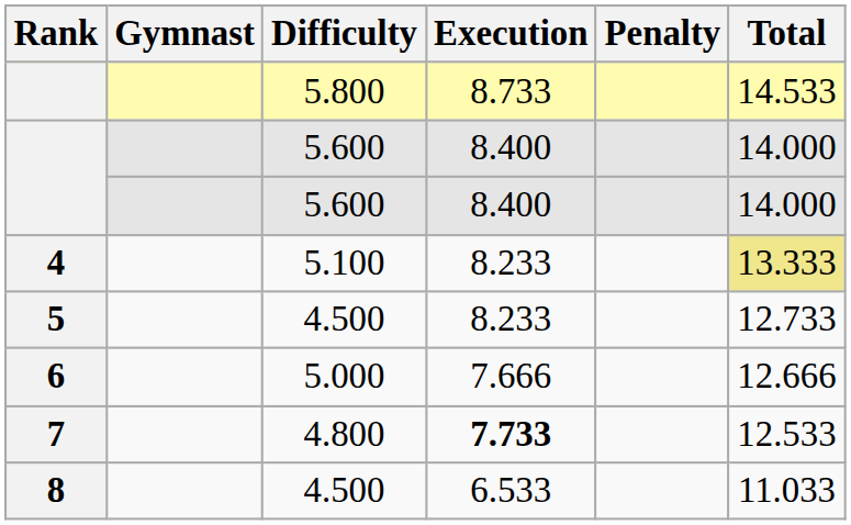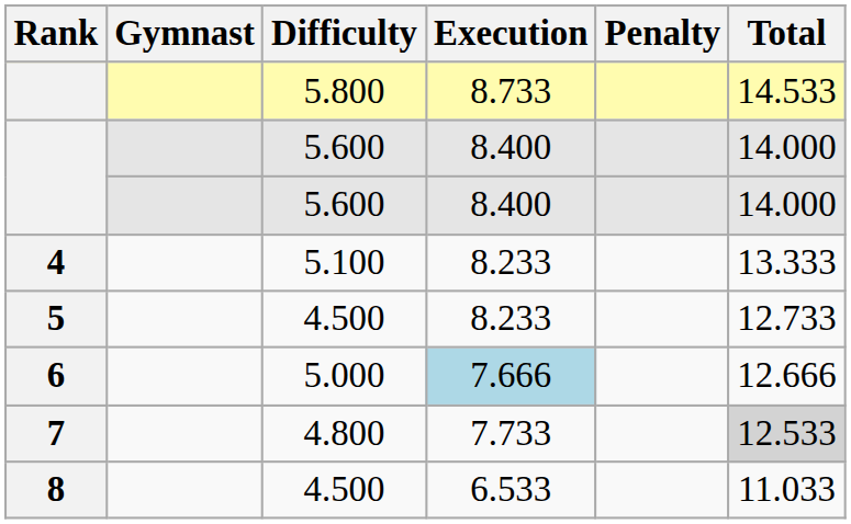 <table class="wikitable sortable" style="text-align:center">
 <tr>
 <th>Rank</th>
 <th>Gymnast</th>
 <th>Difficulty</th>
 <th>Execution</th>
 <th>Penalty</th>
 <th>Total</th>
 </tr>
 <tr bgcolor=fffcaf>
 <th scope=row></th>
 <td align="left"></td>
 <td>5.800</td>
 <td>8.733</td>
 <td></td>
 <td>14.533</td>
 </tr>
 <tr bgcolor=e5e5e5>
 <th rowspan=2></th>
 <td align="left"></td>
 <td>5.600</td>
 <td>8.400</td>
 <td></td>
 <td>14.000</td>
 </tr>
 <tr bgcolor=e5e5e5>
 <td align=left></td>
 <td>5.600</td>
 <td>8.400</td>
 <td></td>
 <td>14.000</td>
 </tr>
 <tr>
 <th scope=row>4</th>
 <td align=left></td>
 <td>5.100</td>
 <td>8.233</td>
 <td></td>
-<td style="background: khaki;">13.333</td>
+<td>13.333</td>
 </tr>
 <tr>
 <th scope=row>5</th>
 <td align=left></td>
 <td>4.500</td>
 <td>8.233</td>
 <td></td>
 <td>12.733</td>
 </tr>
 <tr>
 <th scope=row>6</th>
 <td align=left></td>
 <td>5.000</td>
-<td>7.666</td>
+<td style="background: lightblue;">7.666</td>
 <td></td>
 <td>12.666</td>
 </tr>
 <tr>
 <th scope=row>7</th>
 <td align=left></td>
 <td>4.800</td>
-<td><strong>7.733</strong></td>
+<td>7.733</td>
 <td></td>
-<td>12.533</td>
+<td style="background: lightgrey;">12.533</td>
 </tr>
 <tr>
 <th scope=row>8</th>
 <td align=left></td>
 <td>4.500</td>
 <td>6.533</td>
 <td></td>
 <td>11.033</td>
 </tr>
 </table>
